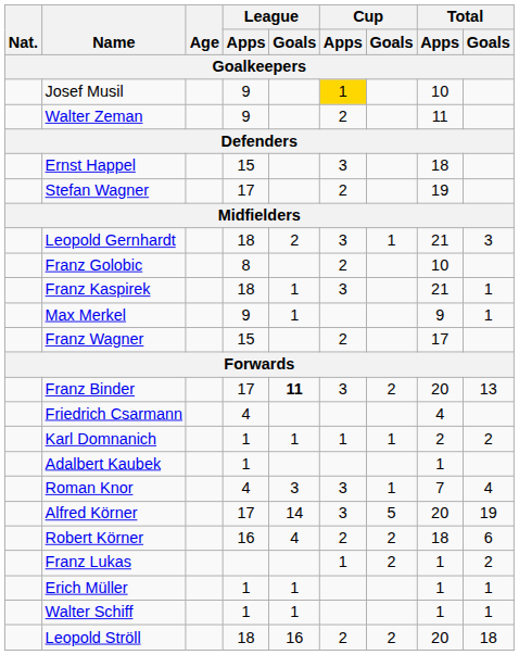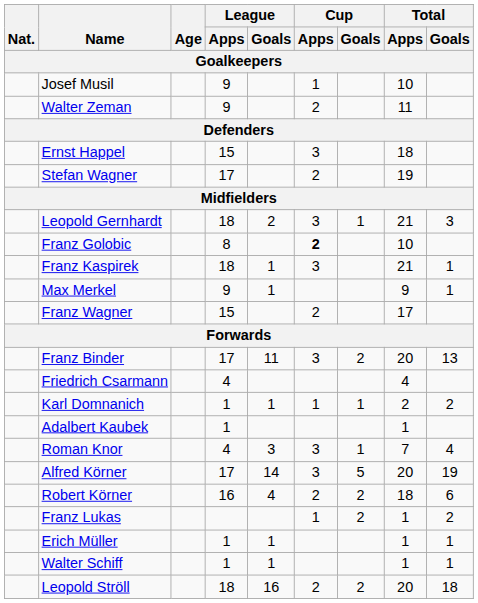 <table class="wikitable" style="text-align:center">
 <tr>
 <th rowspan="2" valign="bottom">Nat.</th>
 <th rowspan="2" valign="bottom">Name</th>
 <th rowspan="2" valign="bottom">Age</th>
 <th colspan="2" width="85">League</th>
 <th colspan="2" width="85">Cup</th>
 <th colspan="2" width="85">Total</th>
 </tr>
 <tr>
 <th>Apps</th>
 <th>Goals</th>
 <th>Apps</th>
 <th>Goals</th>
 <th>Apps</th>
 <th>Goals</th>
 </tr>
 <tr>
 <th colspan=20>Goalkeepers</th>
 </tr>
 <tr>
 <td></td>
 <td align="left">Josef Musil</td>
 <td></td>
 <td>9</td>
 <td></td>
-<td style="background: gold;">1</td>
+<td>1</td>
 <td></td>
 <td>10</td>
 <td></td>
 </tr>
 <tr>
 <td></td>
 <td align="left"><a href='#'>Walter Zeman</a></td>
 <td></td>
 <td>9</td>
 <td></td>
 <td>2</td>
 <td></td>
 <td>11</td>
 <td></td>
 </tr>
 <tr>
 <th colspan=20>Defenders</th>
 </tr>
 <tr>
 <td></td>
 <td align="left"><a href='#'>Ernst Happel</a></td>
 <td></td>
 <td>15</td>
 <td></td>
 <td>3</td>
 <td></td>
 <td>18</td>
 <td></td>
 </tr>
 <tr>
 <td></td>
 <td align="left"><a href='#'>Stefan Wagner</a></td>
 <td></td>
 <td>17</td>
 <td></td>
 <td>2</td>
 <td></td>
 <td>19</td>
 <td></td>
 </tr>
 <tr>
 <th colspan=20>Midfielders</th>
 </tr>
 <tr>
 <td></td>
 <td align="left"><a href='#'>Leopold Gernhardt</a></td>
 <td></td>
 <td>18</td>
 <td>2</td>
 <td>3</td>
 <td>1</td>
 <td>21</td>
 <td>3</td>
 </tr>
 <tr>
 <td></td>
 <td align="left"><a href='#'>Franz Golobic</a></td>
 <td></td>
 <td>8</td>
 <td></td>
-<td>2</td>
+<td><strong>2</strong></td>
 <td></td>
 <td>10</td>
 <td></td>
 </tr>
 <tr>
 <td></td>
 <td align="left"><a href='#'>Franz Kaspirek</a></td>
 <td></td>
 <td>18</td>
 <td>1</td>
 <td>3</td>
 <td></td>
 <td>21</td>
 <td>1</td>
 </tr>
 <tr>
 <td></td>
 <td align="left"><a href='#'>Max Merkel</a></td>
 <td></td>
 <td>9</td>
 <td>1</td>
 <td></td>
 <td></td>
 <td>9</td>
 <td>1</td>
 </tr>
 <tr>
 <td></td>
 <td align="left"><a href='#'>Franz Wagner</a></td>
 <td></td>
 <td>15</td>
 <td></td>
 <td>2</td>
 <td></td>
 <td>17</td>
 <td></td>
 </tr>
 <tr>
 <th colspan=20>Forwards</th>
 </tr>
 <tr>
 <td></td>
 <td align="left"><a href='#'>Franz Binder</a></td>
 <td></td>
 <td>17</td>
-<td><strong>11</strong></td>
+<td>11</td>
 <td>3</td>
 <td>2</td>
 <td>20</td>
 <td>13</td>
 </tr>
 <tr>
 <td></td>
 <td align="left"><a href='#'>Friedrich Csarmann</a></td>
 <td></td>
 <td>4</td>
 <td></td>
 <td></td>
 <td></td>
 <td>4</td>
 <td></td>
 </tr>
 <tr>
 <td></td>
 <td align="left"><a href='#'>Karl Domnanich</a></td>
 <td></td>
 <td>1</td>
 <td>1</td>
 <td>1</td>
 <td>1</td>
 <td>2</td>
 <td>2</td>
 </tr>
 <tr>
 <td></td>
 <td align="left"><a href='#'>Adalbert Kaubek</a></td>
 <td></td>
 <td>1</td>
 <td></td>
 <td></td>
 <td></td>
 <td>1</td>
 <td></td>
 </tr>
 <tr>
 <td></td>
 <td align="left"><a href='#'>Roman Knor</a></td>
 <td></td>
 <td>4</td>
 <td>3</td>
 <td>3</td>
 <td>1</td>
 <td>7</td>
 <td>4</td>
 </tr>
 <tr>
 <td></td>
 <td align="left"><a href='#'>Alfred Körner</a></td>
 <td></td>
 <td>17</td>
 <td>14</td>
 <td>3</td>
 <td>5</td>
 <td>20</td>
 <td>19</td>
 </tr>
 <tr>
 <td></td>
 <td align="left"><a href='#'>Robert Körner</a></td>
 <td></td>
 <td>16</td>
 <td>4</td>
 <td>2</td>
 <td>2</td>
 <td>18</td>
 <td>6</td>
 </tr>
 <tr>
 <td></td>
 <td align="left"><a href='#'>Franz Lukas</a></td>
 <td></td>
 <td></td>
 <td></td>
 <td>1</td>
 <td>2</td>
 <td>1</td>
 <td>2</td>
 </tr>
 <tr>
 <td></td>
 <td align="left"><a href='#'>Erich Müller</a></td>
 <td></td>
 <td>1</td>
 <td>1</td>
 <td></td>
 <td></td>
 <td>1</td>
 <td>1</td>
 </tr>
 <tr>
 <td></td>
 <td align="left"><a href='#'>Walter Schiff</a></td>
 <td></td>
 <td>1</td>
 <td>1</td>
 <td></td>
 <td></td>
 <td>1</td>
 <td>1</td>
 </tr>
 <tr>
 <td></td>
 <td align="left"><a href='#'>Leopold Ströll</a></td>
 <td></td>
 <td>18</td>
 <td>16</td>
 <td>2</td>
 <td>2</td>
 <td>20</td>
 <td>18</td>
 </tr>
 </table>
